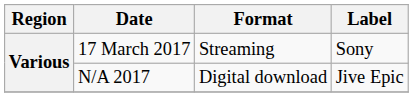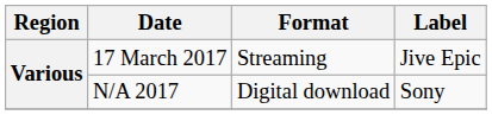 <table class="wikitable plainrowheaders unsortable">
 <tr>
 <th>Region</th>
 <th>Date</th>
 <th>Format</th>
 <th>Label</th>
 </tr>
 <tr>
 <th scope="row" rowspan="2">Various</th>
 <td>17 March 2017</td>
 <td>Streaming</td>
-<td>Sony</td>
+<td>Jive Epic</td>
 </tr>
 <tr>
 <td>N/A 2017</td>
 <td>Digital download</td>
-<td>Jive Epic</td>
+<td>Sony</td>
 </tr>
 <tr>
 </tr>
 </table>
